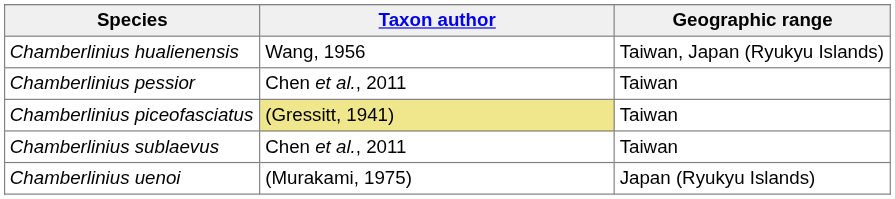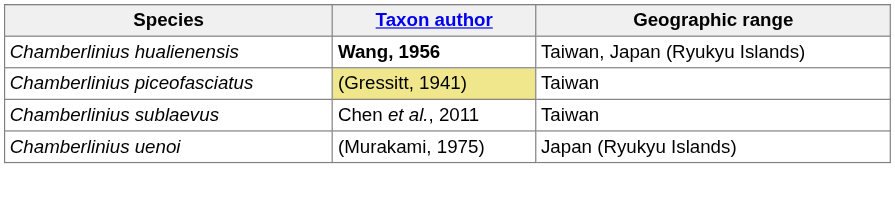 <table |cellspacing=0 cellpadding=4 border=1 style="width: 60%; border-collapse: collapse;">
 <tr>
 </tr>
 <tr>
 <th bgcolor="#f0f0f0">Species</th>
 <th bgcolor="#f0f0f0"><a href='#'>Taxon author</a></th>
 <th bgcolor="#f0f0f0">Geographic range</th>
 </tr>
 <tr>
 <td><em>Chamberlinius hualienensis</em></td>
-<td>Wang, 1956</td>
+<td><strong>Wang, 1956</strong></td>
 <td>Taiwan, Japan (Ryukyu Islands)</td>
-</tr>
-<tr>
-<td><em>Chamberlinius pessior</em></td>
-<td style="width:40%">Chen <em>et al.</em>, 2011</td>
-<td>Taiwan</td>
 </tr>
 <tr>
 <td><em>Chamberlinius piceofasciatus</em></td>
 <td style="background: khaki;">(Gressitt, 1941)</td>
 <td>Taiwan</td>
 </tr>
 <tr>
 <td><em>Chamberlinius sublaevus</em></td>
 <td>Chen <em>et al.</em>, 2011</td>
 <td>Taiwan</td>
 </tr>
 <tr>
 <td><em>Chamberlinius uenoi</em></td>
 <td>(Murakami, 1975)</td>
 <td>Japan (Ryukyu Islands)</td>
 </tr>
 </table>
